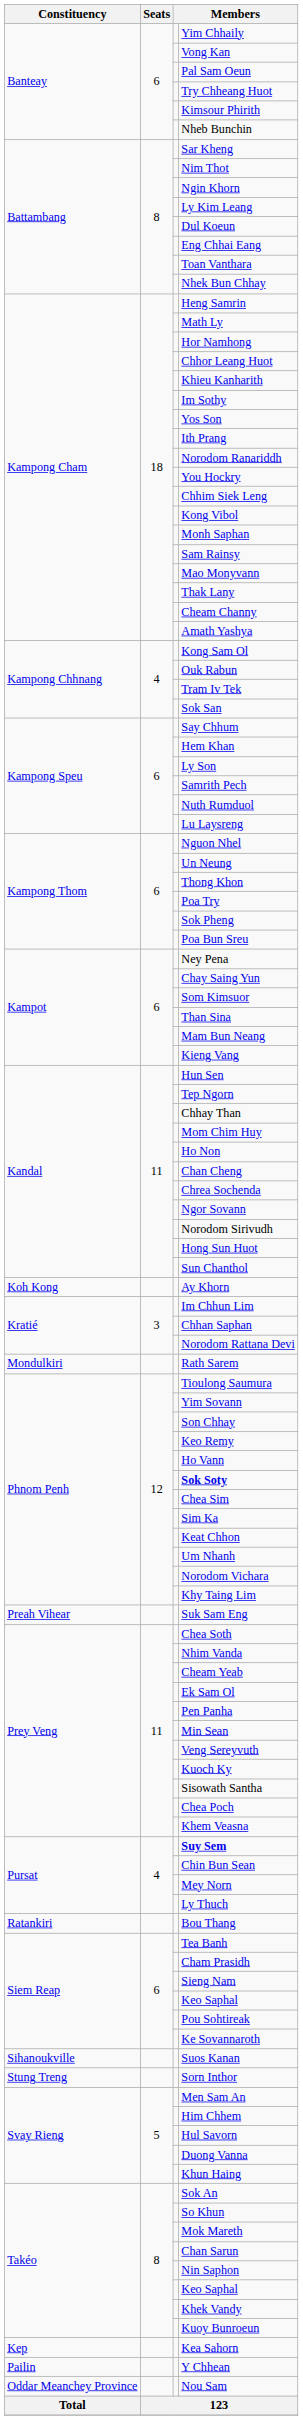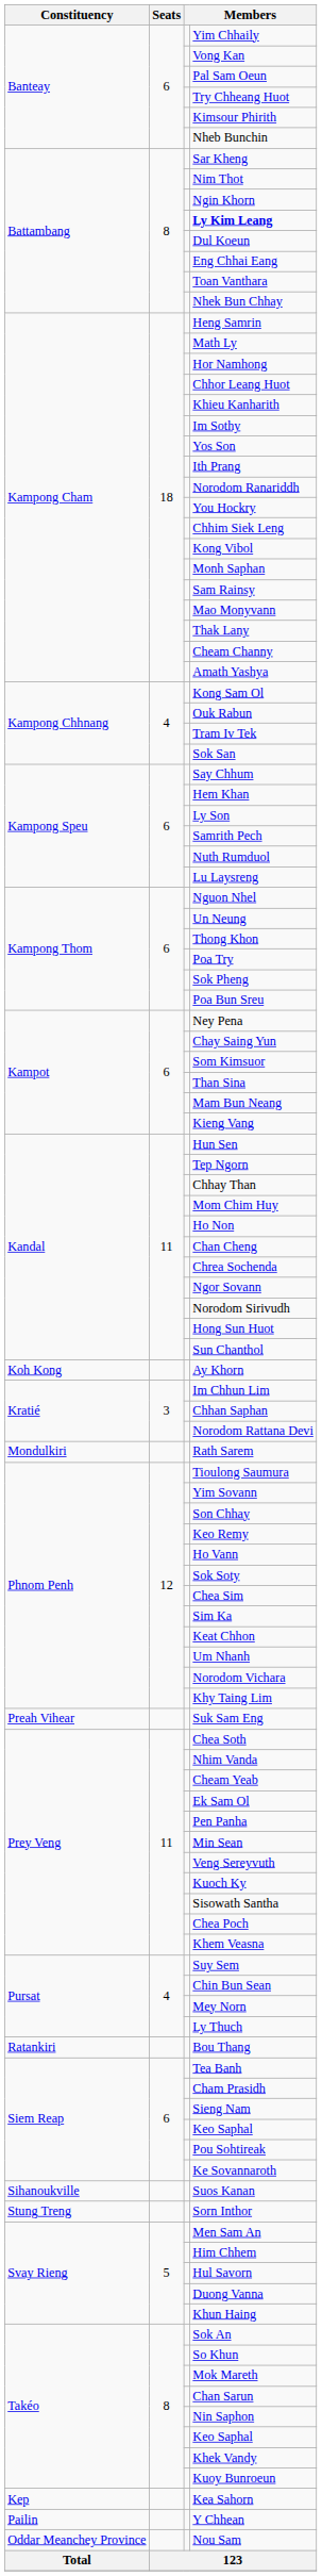 <table class=wikitable>
 <tr>
 <th>Constituency</th>
 <th>Seats</th>
 <th colspan="2">Members</th>
 </tr>
 <tr>
 <td rowspan="6"><a href='#'>Banteay</a></td>
 <td rowspan="6" style="text-align:center">6</td>
 <td style="background-color:"></td>
 <td><a href='#'>Yim Chhaily</a></td>
 </tr>
 <tr>
 <td style="background-color:"></td>
 <td><a href='#'>Vong Kan</a></td>
 </tr>
 <tr>
 <td style="background-color:"></td>
 <td><a href='#'>Pal Sam Oeun</a></td>
 </tr>
 <tr>
 <td style="background-color:"></td>
 <td><a href='#'>Try Chheang Huot</a></td>
 </tr>
 <tr>
 <td style="background-color:"></td>
 <td><a href='#'>Kimsour Phirith</a></td>
 </tr>
 <tr>
 <td style="background-color:"></td>
 <td>Nheb Bunchin</td>
 </tr>
 <tr>
 <td rowspan="8"><a href='#'>Battambang</a></td>
 <td rowspan="8" style="text-align:center">8</td>
 <td style="background-color:"></td>
 <td><a href='#'>Sar Kheng</a></td>
 </tr>
 <tr>
 <td style="background-color:"></td>
 <td><a href='#'>Nim Thot</a></td>
 </tr>
 <tr>
 <td style="background-color:"></td>
 <td><a href='#'>Ngin Khorn</a></td>
 </tr>
 <tr>
 <td style="background-color:"></td>
-<td><a href='#'>Ly Kim Leang</a></td>
+<td><strong><a href='#'>Ly Kim Leang</a></strong></td>
 </tr>
 <tr>
 <td style="background-color:"></td>
 <td><a href='#'>Dul Koeun</a></td>
 </tr>
 <tr>
 <td style="background-color:"></td>
 <td><a href='#'>Eng Chhai Eang</a></td>
 </tr>
 <tr>
 <td style="background-color:"></td>
 <td><a href='#'>Toan Vanthara</a></td>
 </tr>
 <tr>
 <td style="background-color:"></td>
 <td><a href='#'>Nhek Bun Chhay</a></td>
 </tr>
 <tr>
 <td rowspan="18"><a href='#'>Kampong Cham</a></td>
 <td rowspan="18" style="text-align:center">18</td>
 <td style="background-color:"></td>
 <td><a href='#'>Heng Samrin</a></td>
 </tr>
 <tr>
 <td style="background-color:"></td>
 <td><a href='#'>Math Ly</a></td>
 </tr>
 <tr>
 <td style="background-color:"></td>
 <td><a href='#'>Hor Namhong</a></td>
 </tr>
 <tr>
 <td style="background-color:"></td>
 <td><a href='#'>Chhor Leang Huot</a></td>
 </tr>
 <tr>
 <td style="background-color:"></td>
 <td><a href='#'>Khieu Kanharith</a></td>
 </tr>
 <tr>
 <td style="background-color:"></td>
 <td><a href='#'>Im Sothy</a></td>
 </tr>
 <tr>
 <td style="background-color:"></td>
 <td><a href='#'>Yos Son</a></td>
 </tr>
 <tr>
 <td style="background-color:"></td>
 <td><a href='#'>Ith Prang</a></td>
 </tr>
 <tr>
 <td style="background-color:"></td>
 <td><a href='#'>Norodom Ranariddh</a></td>
 </tr>
 <tr>
 <td style="background-color:"></td>
 <td><a href='#'>You Hockry</a></td>
 </tr>
 <tr>
 <td style="background-color:"></td>
 <td><a href='#'>Chhim Siek Leng</a></td>
 </tr>
 <tr>
 <td style="background-color:"></td>
 <td><a href='#'>Kong Vibol</a></td>
 </tr>
 <tr>
 <td style="background-color:"></td>
 <td><a href='#'>Monh Saphan</a></td>
 </tr>
 <tr>
 <td style="background-color:"></td>
 <td><a href='#'>Sam Rainsy</a></td>
 </tr>
 <tr>
 <td style="background-color:"></td>
 <td><a href='#'>Mao Monyvann</a></td>
 </tr>
 <tr>
 <td style="background-color:"></td>
 <td><a href='#'>Thak Lany</a></td>
 </tr>
 <tr>
 <td style="background-color:"></td>
 <td><a href='#'>Cheam Channy</a></td>
 </tr>
 <tr>
 <td style="background-color:"></td>
 <td><a href='#'>Amath Yashya</a></td>
 </tr>
 <tr>
 <td rowspan="4"><a href='#'>Kampong Chhnang</a></td>
 <td rowspan="4" style="text-align:center">4</td>
 <td style="background-color:"></td>
 <td><a href='#'>Kong Sam Ol</a></td>
 </tr>
 <tr>
 <td style="background-color:"></td>
 <td><a href='#'>Ouk Rabun</a></td>
 </tr>
 <tr>
 <td style="background-color:"></td>
 <td><a href='#'>Tram Iv Tek</a></td>
 </tr>
 <tr>
 <td style="background-color:"></td>
 <td><a href='#'>Sok San</a></td>
 </tr>
 <tr>
 <td rowspan="6"><a href='#'>Kampong Speu</a></td>
 <td rowspan="6" style="text-align:center">6</td>
 <td style="background-color:"></td>
 <td><a href='#'>Say Chhum</a></td>
 </tr>
 <tr>
 <td style="background-color:"></td>
 <td><a href='#'>Hem Khan</a></td>
 </tr>
 <tr>
 <td style="background-color:"></td>
 <td><a href='#'>Ly Son</a></td>
 </tr>
 <tr>
 <td style="background-color:"></td>
 <td><a href='#'>Samrith Pech</a></td>
 </tr>
 <tr>
 <td style="background-color:"></td>
 <td><a href='#'>Nuth Rumduol</a></td>
 </tr>
 <tr>
 <td style="background-color:"></td>
 <td><a href='#'>Lu Laysreng</a></td>
 </tr>
 <tr>
 <td rowspan="6"><a href='#'>Kampong Thom</a></td>
 <td rowspan="6" style="text-align:center">6</td>
 <td style="background-color:"></td>
 <td><a href='#'>Nguon Nhel</a></td>
 </tr>
 <tr>
 <td style="background-color:"></td>
 <td><a href='#'>Un Neung</a></td>
 </tr>
 <tr>
 <td style="background-color:"></td>
 <td><a href='#'>Thong Khon</a></td>
 </tr>
 <tr>
 <td style="background-color:"></td>
 <td><a href='#'>Poa Try</a></td>
 </tr>
 <tr>
 <td style="background-color:"></td>
 <td><a href='#'>Sok Pheng</a></td>
 </tr>
 <tr>
 <td style="background-color:"></td>
 <td><a href='#'>Poa Bun Sreu</a></td>
 </tr>
 <tr>
 <td rowspan="6"><a href='#'>Kampot</a></td>
 <td rowspan="6" style="text-align:center">6</td>
 <td style="background-color:"></td>
 <td>Ney Pena</td>
 </tr>
 <tr>
 <td style="background-color:"></td>
 <td><a href='#'>Chay Saing Yun</a></td>
 </tr>
 <tr>
 <td style="background-color:"></td>
 <td><a href='#'>Som Kimsuor</a></td>
 </tr>
 <tr>
 <td style="background-color:"></td>
 <td><a href='#'>Than Sina</a></td>
 </tr>
 <tr>
 <td style="background-color:"></td>
 <td><a href='#'>Mam Bun Neang</a></td>
 </tr>
 <tr>
 <td style="background-color:"></td>
 <td><a href='#'>Kieng Vang</a></td>
 </tr>
 <tr>
 <td rowspan="11"><a href='#'>Kandal</a></td>
 <td rowspan="11" style="text-align:center">11</td>
 <td style="background-color:"></td>
 <td><a href='#'>Hun Sen</a></td>
 </tr>
 <tr>
 <td style="background-color:"></td>
 <td><a href='#'>Tep Ngorn</a></td>
 </tr>
 <tr>
 <td style="background-color:"></td>
 <td>Chhay Than</td>
 </tr>
 <tr>
 <td style="background-color:"></td>
 <td><a href='#'>Mom Chim Huy</a></td>
 </tr>
 <tr>
 <td style="background-color:"></td>
 <td><a href='#'>Ho Non</a></td>
 </tr>
 <tr>
 <td style="background-color:"></td>
 <td><a href='#'>Chan Cheng</a></td>
 </tr>
 <tr>
 <td style="background-color:"></td>
 <td><a href='#'>Chrea Sochenda</a></td>
 </tr>
 <tr>
 <td style="background-color:"></td>
 <td><a href='#'>Ngor Sovann</a></td>
 </tr>
 <tr>
 <td style="background-color:"></td>
 <td>Norodom Sirivudh</td>
 </tr>
 <tr>
 <td style="background-color:"></td>
 <td><a href='#'>Hong Sun Huot</a></td>
 </tr>
 <tr>
 <td style="background-color:"></td>
 <td><a href='#'>Sun Chanthol</a></td>
 </tr>
 <tr>
 <td><a href='#'>Koh Kong</a></td>
 <td></td>
 <td style="background-color:"></td>
 <td><a href='#'>Ay Khorn</a></td>
 </tr>
 <tr>
 <td rowspan="3"><a href='#'>Kratié</a></td>
 <td rowspan="3" style="text-align:center">3</td>
 <td style="background-color:"></td>
 <td><a href='#'>Im Chhun Lim</a></td>
 </tr>
 <tr>
 <td style="background-color:"></td>
 <td><a href='#'>Chhan Saphan</a></td>
 </tr>
 <tr>
 <td style="background-color:"></td>
 <td><a href='#'>Norodom Rattana Devi</a></td>
 </tr>
 <tr>
 <td><a href='#'>Mondulkiri</a></td>
 <td></td>
 <td style="background-color:"></td>
 <td><a href='#'>Rath Sarem</a></td>
 </tr>
 <tr>
 <td rowspan="12"><a href='#'>Phnom Penh</a></td>
 <td rowspan="12" style="text-align:center">12</td>
 <td style="background-color:"></td>
 <td><a href='#'>Tioulong Saumura</a></td>
 </tr>
 <tr>
 <td style="background-color:"></td>
 <td><a href='#'>Yim Sovann</a></td>
 </tr>
 <tr>
 <td style="background-color:"></td>
 <td><a href='#'>Son Chhay</a></td>
 </tr>
 <tr>
 <td style="background-color:"></td>
 <td><a href='#'>Keo Remy</a></td>
 </tr>
 <tr>
 <td style="background-color:"></td>
 <td><a href='#'>Ho Vann</a></td>
 </tr>
 <tr>
 <td style="background-color:"></td>
-<td><strong><a href='#'>Sok Soty</a></strong></td>
+<td><a href='#'>Sok Soty</a></td>
 </tr>
 <tr>
 <td style="background-color:"></td>
 <td><a href='#'>Chea Sim</a></td>
 </tr>
 <tr>
 <td style="background-color:"></td>
 <td><a href='#'>Sim Ka</a></td>
 </tr>
 <tr>
 <td style="background-color:"></td>
 <td><a href='#'>Keat Chhon</a></td>
 </tr>
 <tr>
 <td style="background-color:"></td>
 <td><a href='#'>Um Nhanh</a></td>
 </tr>
 <tr>
 <td style="background-color:"></td>
 <td><a href='#'>Norodom Vichara</a></td>
 </tr>
 <tr>
 <td style="background-color:"></td>
 <td><a href='#'>Khy Taing Lim</a></td>
 </tr>
 <tr>
 <td><a href='#'>Preah Vihear</a></td>
 <td></td>
 <td style="background-color:"></td>
 <td><a href='#'>Suk Sam Eng</a></td>
 </tr>
 <tr>
 <td rowspan="11"><a href='#'>Prey Veng</a></td>
 <td rowspan="11" style="text-align:center">11</td>
 <td style="background-color:"></td>
 <td><a href='#'>Chea Soth</a></td>
 </tr>
 <tr>
 <td style="background-color:"></td>
 <td><a href='#'>Nhim Vanda</a></td>
 </tr>
 <tr>
 <td style="background-color:"></td>
 <td><a href='#'>Cheam Yeab</a></td>
 </tr>
 <tr>
 <td style="background-color:"></td>
 <td><a href='#'>Ek Sam Ol</a></td>
 </tr>
 <tr>
 <td style="background-color:"></td>
 <td><a href='#'>Pen Panha</a></td>
 </tr>
 <tr>
 <td style="background-color:"></td>
 <td><a href='#'>Min Sean</a></td>
 </tr>
 <tr>
 <td style="background-color:"></td>
 <td><a href='#'>Veng Sereyvuth</a></td>
 </tr>
 <tr>
 <td style="background-color:"></td>
 <td><a href='#'>Kuoch Ky</a></td>
 </tr>
 <tr>
 <td style="background-color:"></td>
 <td>Sisowath Santha</td>
 </tr>
 <tr>
 <td style="background-color:"></td>
 <td><a href='#'>Chea Poch</a></td>
 </tr>
 <tr>
 <td style="background-color:"></td>
 <td><a href='#'>Khem Veasna</a></td>
 </tr>
 <tr>
 <td rowspan="4"><a href='#'>Pursat</a></td>
 <td rowspan="4" style="text-align:center">4</td>
 <td style="background-color:"></td>
-<td><strong><a href='#'>Suy Sem</a></strong></td>
+<td><a href='#'>Suy Sem</a></td>
 </tr>
 <tr>
 <td style="background-color:"></td>
 <td><a href='#'>Chin Bun Sean</a></td>
 </tr>
 <tr>
 <td style="background-color:"></td>
 <td><a href='#'>Mey Norn</a></td>
 </tr>
 <tr>
 <td style="background-color:"></td>
 <td><a href='#'>Ly Thuch</a></td>
 </tr>
 <tr>
 <td><a href='#'>Ratankiri</a></td>
 <td></td>
 <td style="background-color:"></td>
 <td><a href='#'>Bou Thang</a></td>
 </tr>
 <tr>
 <td rowspan="6"><a href='#'>Siem Reap</a></td>
 <td rowspan="6" style="text-align:center">6</td>
 <td style="background-color:"></td>
 <td><a href='#'>Tea Banh</a></td>
 </tr>
 <tr>
 <td style="background-color:"></td>
 <td><a href='#'>Cham Prasidh</a></td>
 </tr>
 <tr>
 <td style="background-color:"></td>
 <td><a href='#'>Sieng Nam</a></td>
 </tr>
 <tr>
 <td style="background-color:"></td>
 <td><a href='#'>Keo Saphal</a></td>
 </tr>
 <tr>
 <td style="background-color:"></td>
 <td><a href='#'>Pou Sohtireak</a></td>
 </tr>
 <tr>
 <td style="background-color:"></td>
 <td><a href='#'>Ke Sovannaroth</a></td>
 </tr>
 <tr>
 <td><a href='#'>Sihanoukville</a></td>
 <td></td>
 <td style="background-color:"></td>
 <td><a href='#'>Suos Kanan</a></td>
 </tr>
 <tr>
 <td><a href='#'>Stung Treng</a></td>
 <td></td>
 <td style="background-color:"></td>
 <td><a href='#'>Sorn Inthor</a></td>
 </tr>
 <tr>
 <td rowspan="5"><a href='#'>Svay Rieng</a></td>
 <td rowspan="5" style="text-align:center">5</td>
 <td style="background-color:"></td>
 <td><a href='#'>Men Sam An</a></td>
 </tr>
 <tr>
 <td style="background-color:"></td>
 <td><a href='#'>Him Chhem</a></td>
 </tr>
 <tr>
 <td style="background-color:"></td>
 <td><a href='#'>Hul Savorn</a></td>
 </tr>
 <tr>
 <td style="background-color:"></td>
 <td><a href='#'>Duong Vanna</a></td>
 </tr>
 <tr>
 <td style="background-color:"></td>
 <td><a href='#'>Khun Haing</a></td>
 </tr>
 <tr>
 <td rowspan="8"><a href='#'>Takéo</a></td>
 <td rowspan="8" style="text-align:center">8</td>
 <td style="background-color:"></td>
 <td><a href='#'>Sok An</a></td>
 </tr>
 <tr>
 <td style="background-color:"></td>
 <td><a href='#'>So Khun</a></td>
 </tr>
 <tr>
 <td style="background-color:"></td>
 <td><a href='#'>Mok Mareth</a></td>
 </tr>
 <tr>
 <td style="background-color:"></td>
 <td><a href='#'>Chan Sarun</a></td>
 </tr>
 <tr>
 <td style="background-color:"></td>
 <td><a href='#'>Nin Saphon</a></td>
 </tr>
 <tr>
 <td style="background-color:"></td>
 <td><a href='#'>Keo Saphal</a></td>
 </tr>
 <tr>
 <td style="background-color:"></td>
 <td><a href='#'>Khek Vandy</a></td>
 </tr>
 <tr>
 <td style="background-color:"></td>
 <td><a href='#'>Kuoy Bunroeun</a></td>
 </tr>
 <tr>
 <td><a href='#'>Kep</a></td>
 <td></td>
 <td style="background-color:"></td>
 <td><a href='#'>Kea Sahorn</a></td>
 </tr>
 <tr>
 <td><a href='#'>Pailin</a></td>
 <td></td>
 <td style="background-color:"></td>
 <td><a href='#'>Y Chhean</a></td>
 </tr>
 <tr>
 <td><a href='#'>Oddar Meanchey Province</a></td>
 <td></td>
 <td style="background-color:"></td>
 <td><a href='#'>Nou Sam</a></td>
 </tr>
 <tr>
 <th>Total</th>
 <th colspan="3">123</th>
 </tr>
 <tr>
 </tr>
 </table>
